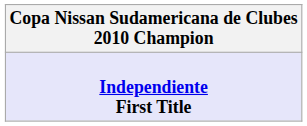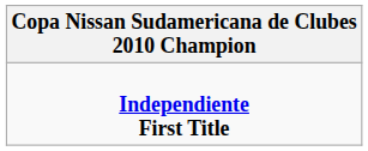 <table class="wikitable" style="text-align: center; margin: 0 auto;">
 <tr>
 <th>Copa Nissan Sudamericana de Clubes<br>2010 Champion</th>
 </tr>
 <tr>
-<td style="background: lavender;"><br><strong><a href='#'>Independiente</a></strong><br><strong>First Title</strong></td>
+<td><br><strong><a href='#'>Independiente</a></strong><br><strong>First Title</strong></td>
 </tr>
 </table>
